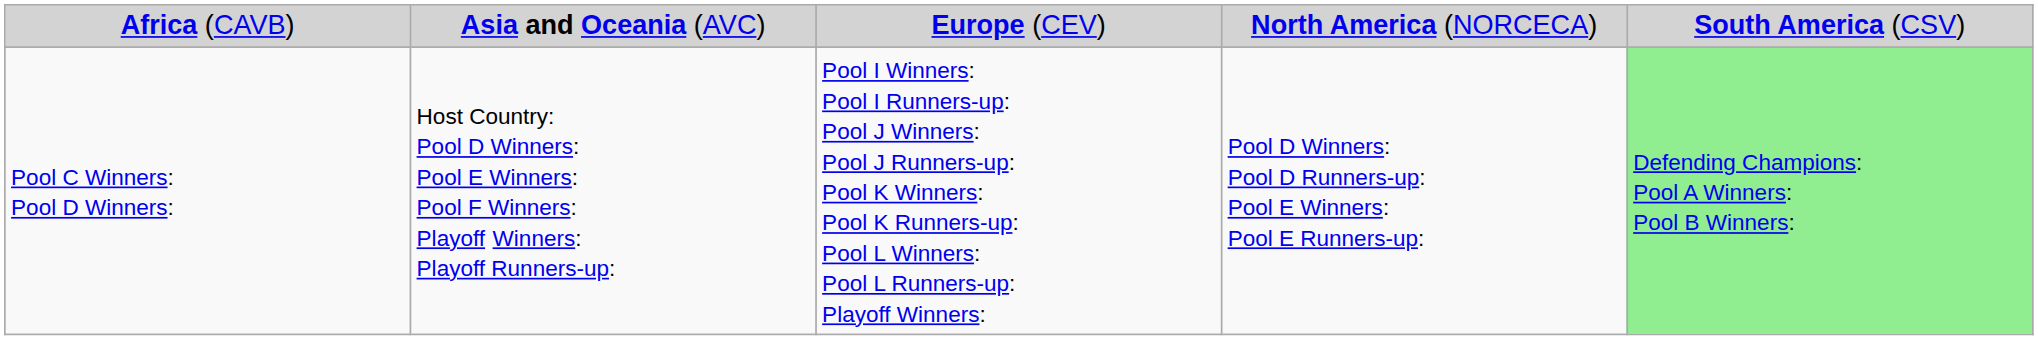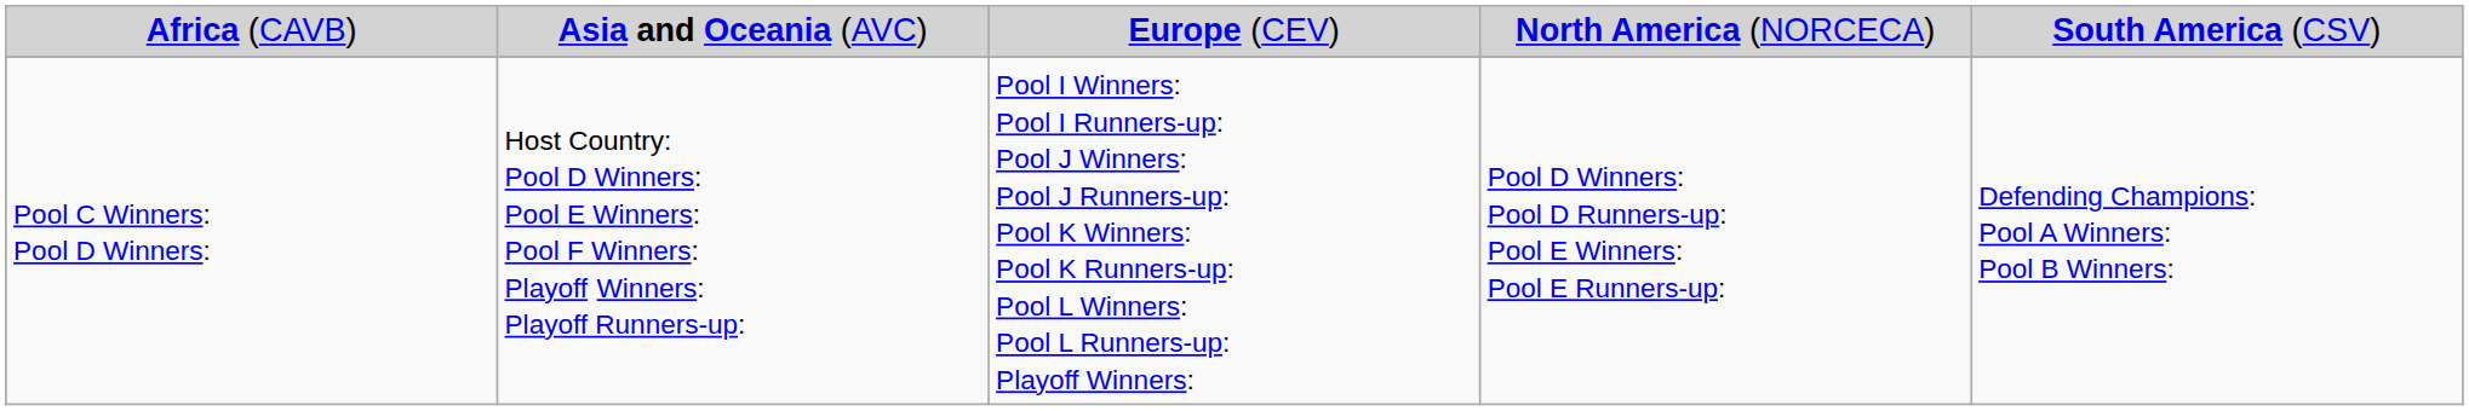 <table class="wikitable" style="width:95%;">
 <tr style="background:Lightgrey;">
 <td style="width:20%; text-align:center;"><strong><a href='#'>Africa</a></strong> (<a href='#'>CAVB</a>)</td>
 <td style="width:20%; text-align:center;"><strong><a href='#'>Asia</a> and <a href='#'>Oceania</a></strong> (<a href='#'>AVC</a>)</td>
 <td style="width:20%; text-align:center;"><strong><a href='#'>Europe</a></strong> (<a href='#'>CEV</a>)</td>
 <td style="width:20%; text-align:center;"><strong><a href='#'>North America</a></strong> (<a href='#'>NORCECA</a>)</td>
 <td style="width:20%; text-align:center;"><strong><a href='#'>South America</a></strong> (<a href='#'>CSV</a>)</td>
 </tr>
 <tr>
 <td><small><a href='#'>Pool C Winners</a>: <br><a href='#'>Pool D Winners</a>: </small></td>
 <td><small>Host Country: <br><a href='#'>Pool D Winners</a>: <br><a href='#'>Pool E Winners</a>: <br><a href='#'>Pool F Winners</a>: <br><a href='#'>Playoff</a></small> <small><a href='#'>Winners</a>: <br><a href='#'>Playoff Runners-up</a>: </small></td>
 <td><small><a href='#'>Pool I Winners</a>: <br><a href='#'>Pool I Runners-up</a>: <br><a href='#'>Pool J Winners</a>: <br><a href='#'>Pool J Runners-up</a>: <br><a href='#'>Pool K Winners</a>: <br><a href='#'>Pool K Runners-up</a>: <br><a href='#'>Pool L Winners</a>: <br><a href='#'>Pool L Runners-up</a>: <br><a href='#'>Playoff Winners</a>: </small></td>
 <td><small><a href='#'>Pool D Winners</a>: <br><a href='#'>Pool D Runners-up</a>: <br><a href='#'>Pool E Winners</a>: <br><a href='#'>Pool E Runners-up</a>: </small></td>
-<td style="background: lightgreen;"><small><a href='#'>Defending Champions</a>: <br><a href='#'>Pool A Winners</a>: <br><a href='#'>Pool B Winners</a>: </small></td>
+<td><small><a href='#'>Defending Champions</a>: <br><a href='#'>Pool A Winners</a>: <br><a href='#'>Pool B Winners</a>: </small></td>
 </tr>
 </table>
